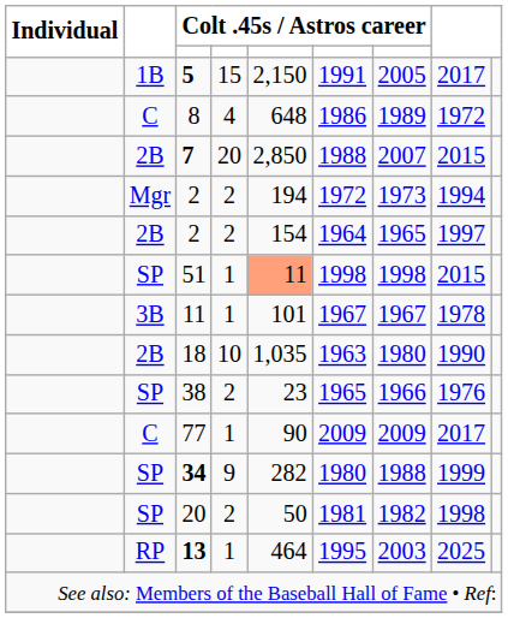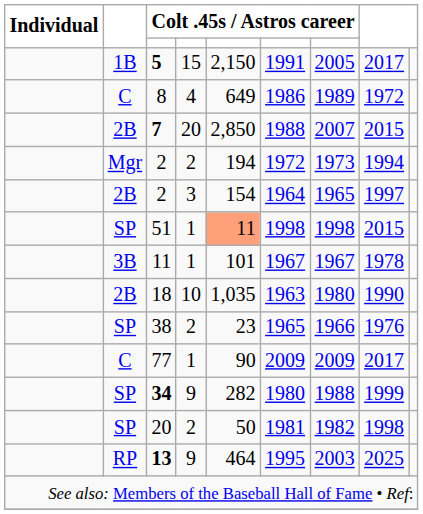 <table class="wikitable sortable" style="font-size: 90%; text-align:center">
 <tr>
 <th scope="col" rowspan="2" style="text-align:left; background-color:#ffffff; border-top:#">Individual</th>
 <th scope="col" rowspan="2" style="background-color:#ffffff; border-top:#"></th>
 <th scope="col" colspan="5" style="background-color:#ffffff; border-top:#">Colt .45s / Astros career</th>
 <th scope="col" rowspan="2" colspan="2" style="background-color:#ffffff; border-top:#"></th>
 </tr>
 <tr>
 <th scope="col" style="background-color:#ffffff; border-bottom:#"></th>
 <th scope="col" style="background-color:#ffffff; border-bottom:#"></th>
 <th scope="col" style="background-color:#ffffff; border-bottom:#"></th>
 <th scope="col" style="background-color:#ffffff; border-bottom:#"></th>
 <th scope="col" style="background-color:#ffffff; border-bottom:#"></th>
 </tr>
 <tr>
 <td style="text-align:left "><strong></strong></td>
 <td><a href='#'>1B</a></td>
 <td style="text-align:left "><strong>5</strong></td>
 <td>15</td>
 <td style="text-align:right">2,150</td>
 <td><a href='#'>1991</a></td>
 <td><a href='#'>2005</a></td>
 <td><a href='#'>2017</a></td>
 <td></td>
 </tr>
 <tr>
 <td style="text-align:left"></td>
 <td><a href='#'>C</a></td>
 <td>8</td>
 <td>4</td>
-<td style="text-align:right">648</td>
+<td style="text-align:right">649</td>
 <td><a href='#'>1986</a></td>
 <td><a href='#'>1989</a></td>
 <td><a href='#'>1972</a></td>
 <td></td>
 </tr>
 <tr>
 <td style="text-align:left "><strong></strong></td>
 <td><a href='#'>2B</a></td>
 <td style="text-align:left "><strong>7</strong></td>
 <td>20</td>
 <td style="text-align:right">2,850</td>
 <td><a href='#'>1988</a></td>
 <td><a href='#'>2007</a></td>
 <td><a href='#'>2015</a></td>
 <td></td>
 </tr>
 <tr>
 <td style="text-align:left"></td>
 <td><a href='#'>Mgr</a></td>
 <td>2</td>
 <td>2</td>
 <td style="text-align:right">194</td>
 <td><a href='#'>1972</a></td>
 <td><a href='#'>1973</a></td>
 <td><a href='#'>1994</a></td>
 <td></td>
 </tr>
 <tr>
 <td style="text-align:left"></td>
 <td><a href='#'>2B</a></td>
 <td>2</td>
-<td>2</td>
+<td>3</td>
 <td style="text-align:right">154</td>
 <td><a href='#'>1964</a></td>
 <td><a href='#'>1965</a></td>
 <td><a href='#'>1997</a></td>
 <td></td>
 </tr>
 <tr>
 <td style="text-align:left"></td>
 <td><a href='#'>SP</a></td>
 <td>51</td>
 <td>1</td>
 <td style="background: lightsalmon; text-align:right">11</td>
 <td><a href='#'>1998</a></td>
 <td><a href='#'>1998</a></td>
 <td><a href='#'>2015</a></td>
 <td></td>
 </tr>
 <tr>
 <td style="text-align:left"></td>
 <td><a href='#'>3B</a></td>
 <td>11</td>
 <td>1</td>
 <td style="text-align:right">101</td>
 <td><a href='#'>1967</a></td>
 <td><a href='#'>1967</a></td>
 <td><a href='#'>1978</a></td>
 <td></td>
 </tr>
 <tr>
 <td style="text-align:left"></td>
 <td><a href='#'>2B</a></td>
 <td>18</td>
 <td>10</td>
 <td style="text-align:right">1,035</td>
 <td><a href='#'>1963</a></td>
 <td><a href='#'>1980</a></td>
 <td><a href='#'>1990</a></td>
 <td></td>
 </tr>
 <tr>
 <td style="text-align:left"></td>
 <td><a href='#'>SP</a></td>
 <td>38</td>
 <td>2</td>
 <td style="text-align:right">23</td>
 <td><a href='#'>1965</a></td>
 <td><a href='#'>1966</a></td>
 <td><a href='#'>1976</a></td>
 <td></td>
 </tr>
 <tr>
 <td style="text-align:left"></td>
 <td><a href='#'>C</a></td>
 <td>77</td>
 <td>1</td>
 <td style="text-align:right">90</td>
 <td><a href='#'>2009</a></td>
 <td><a href='#'>2009</a></td>
 <td><a href='#'>2017</a></td>
 <td></td>
 </tr>
 <tr>
 <td style="text-align:left"></td>
 <td><a href='#'>SP</a></td>
 <td style="text-align:center "><strong>34</strong></td>
 <td>9</td>
 <td style="text-align:right">282</td>
 <td><a href='#'>1980</a></td>
 <td><a href='#'>1988</a></td>
 <td><a href='#'>1999</a></td>
 <td></td>
 </tr>
 <tr>
 <td style="text-align:left"></td>
 <td><a href='#'>SP</a></td>
 <td>20</td>
 <td>2</td>
 <td style="text-align:right">50</td>
 <td><a href='#'>1981</a></td>
 <td><a href='#'>1982</a></td>
 <td><a href='#'>1998</a></td>
 <td></td>
 </tr>
 <tr>
 <td style="text-align:left "><strong></strong></td>
 <td><a href='#'>RP</a></td>
 <td style="text-align:left "><strong>13</strong></td>
-<td>1</td>
+<td>9</td>
 <td style="text-align:right">464</td>
 <td><a href='#'>1995</a></td>
 <td><a href='#'>2003</a></td>
 <td><a href='#'>2025</a></td>
 <td></td>
 </tr>
 <tr class="sortbottom">
 <td style="text-align:right"; colspan="9"><small><em>See also:</em> <a href='#'>Members of the Baseball Hall of Fame</a> • <em>Ref</em>:</small></td>
 </tr>
 <tr>
 </tr>
 </table>
